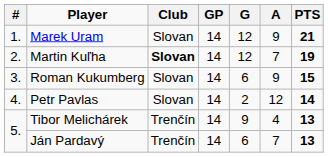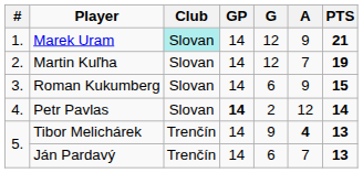 <table class="wikitable" style="text-align: center;">
 <tr>
 <th width="20"><strong>#</strong></th>
 <td><strong>Player</strong></td>
 <th width="30"><strong>Club</strong></th>
 <th width="30"><strong>GP</strong></th>
 <th width="30"><strong>G</strong></th>
 <th width="30"><strong>A</strong></th>
 <th width="30"><strong>PTS</strong></th>
 </tr>
 <tr>
 <td>1.</td>
 <td align="left"> <a href='#'>Marek Uram</a></td>
-<td>Slovan</td>
+<td style="background: paleturquoise;">Slovan</td>
 <td>14</td>
 <td>12</td>
 <td>9</td>
 <td><strong>21</strong></td>
 </tr>
 <tr>
 <td>2.</td>
 <td align="left"> Martin Kuľha</td>
-<td><strong>Slovan</strong></td>
+<td>Slovan</td>
 <td>14</td>
 <td>12</td>
 <td>7</td>
 <td><strong>19</strong></td>
 </tr>
 <tr>
 <td>3.</td>
 <td align="left"> Roman Kukumberg</td>
 <td>Slovan</td>
 <td>14</td>
 <td>6</td>
 <td>9</td>
 <td><strong>15</strong></td>
 </tr>
 <tr>
 <td>4.</td>
 <td align="left"> Petr Pavlas</td>
 <td>Slovan</td>
-<td>14</td>
+<td><strong>14</strong></td>
 <td>2</td>
 <td>12</td>
 <td><strong>14</strong></td>
 </tr>
 <tr>
 <td rowspan="2" valign="left">5.</td>
 <td align="left"> Tibor Melichárek</td>
 <td>Trenčín</td>
 <td>14</td>
 <td>9</td>
-<td>4</td>
+<td><strong>4</strong></td>
 <td><strong>13</strong></td>
 </tr>
 <tr>
 <td align="left"> Ján Pardavý</td>
 <td>Trenčín</td>
 <td>14</td>
 <td>6</td>
 <td>7</td>
 <td><strong>13</strong></td>
 </tr>
 </table>
